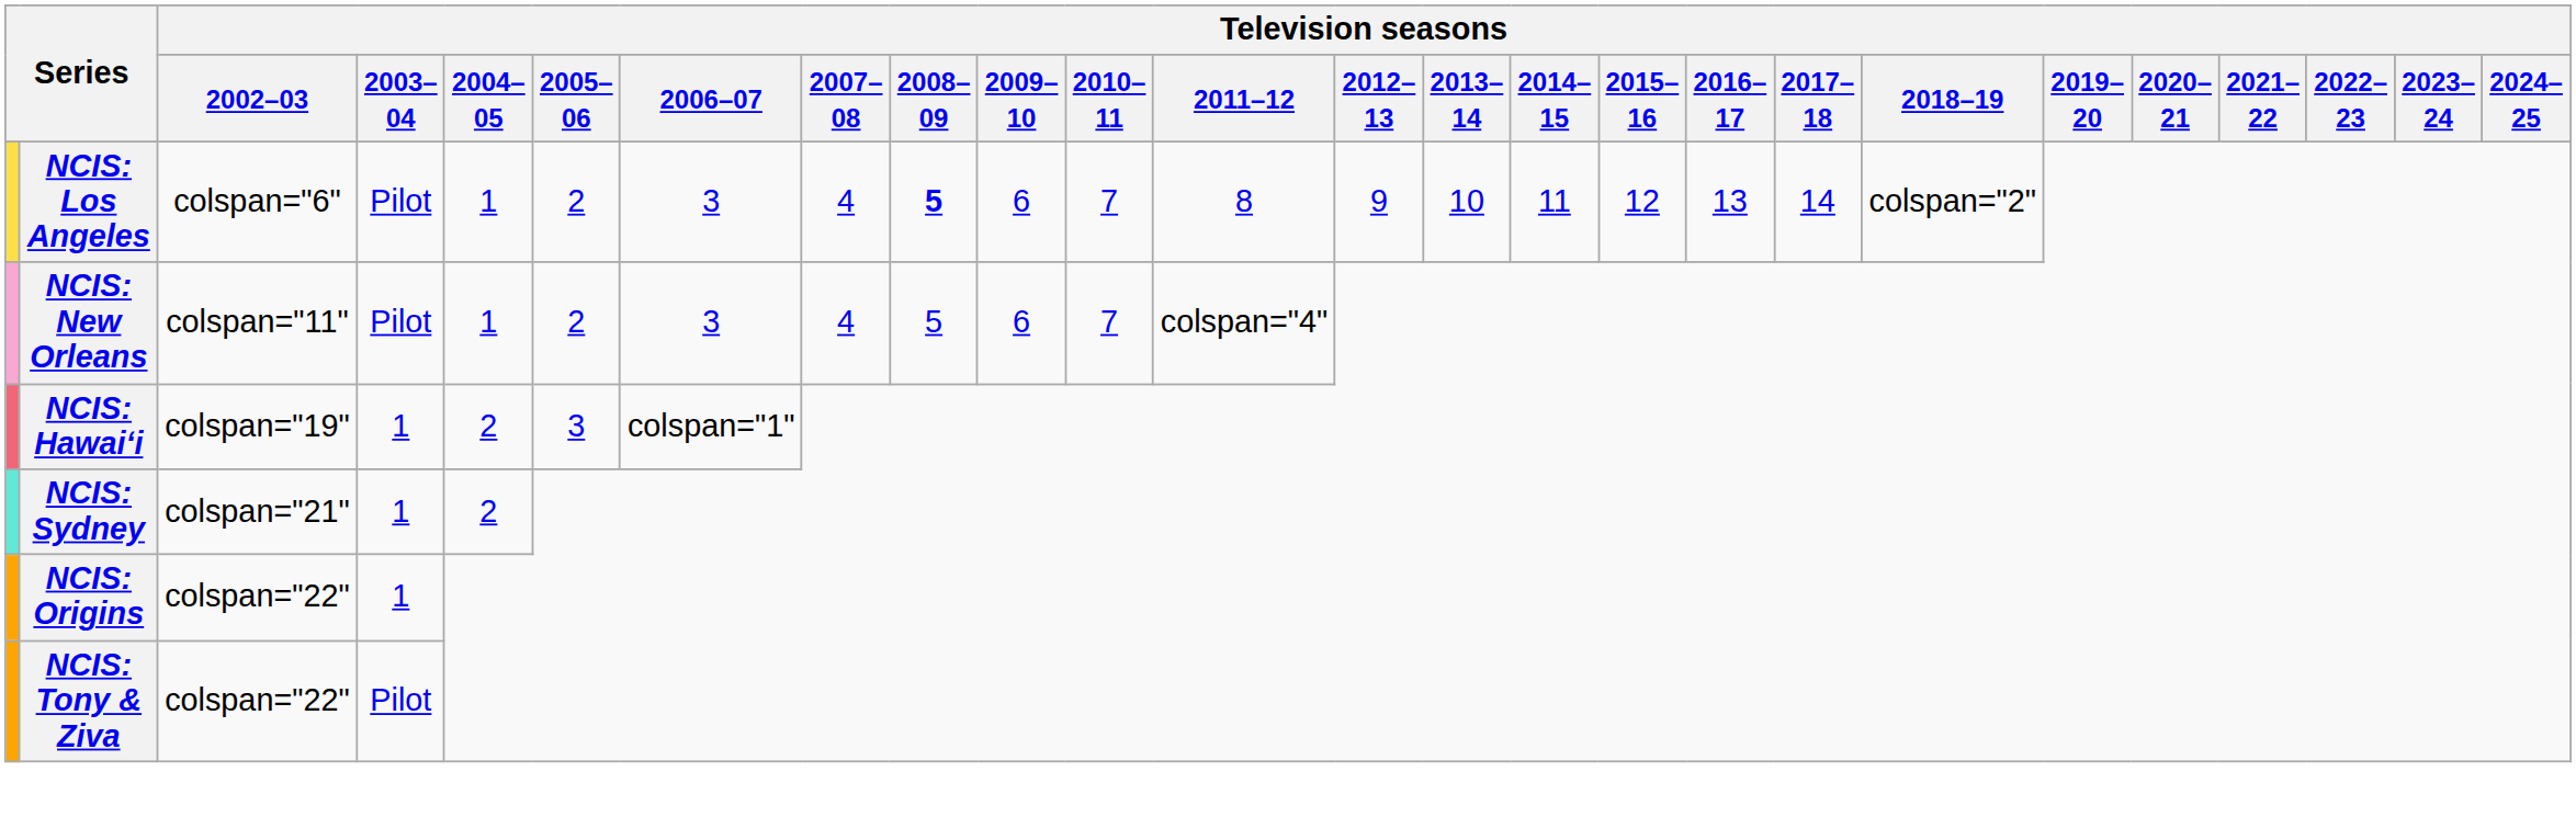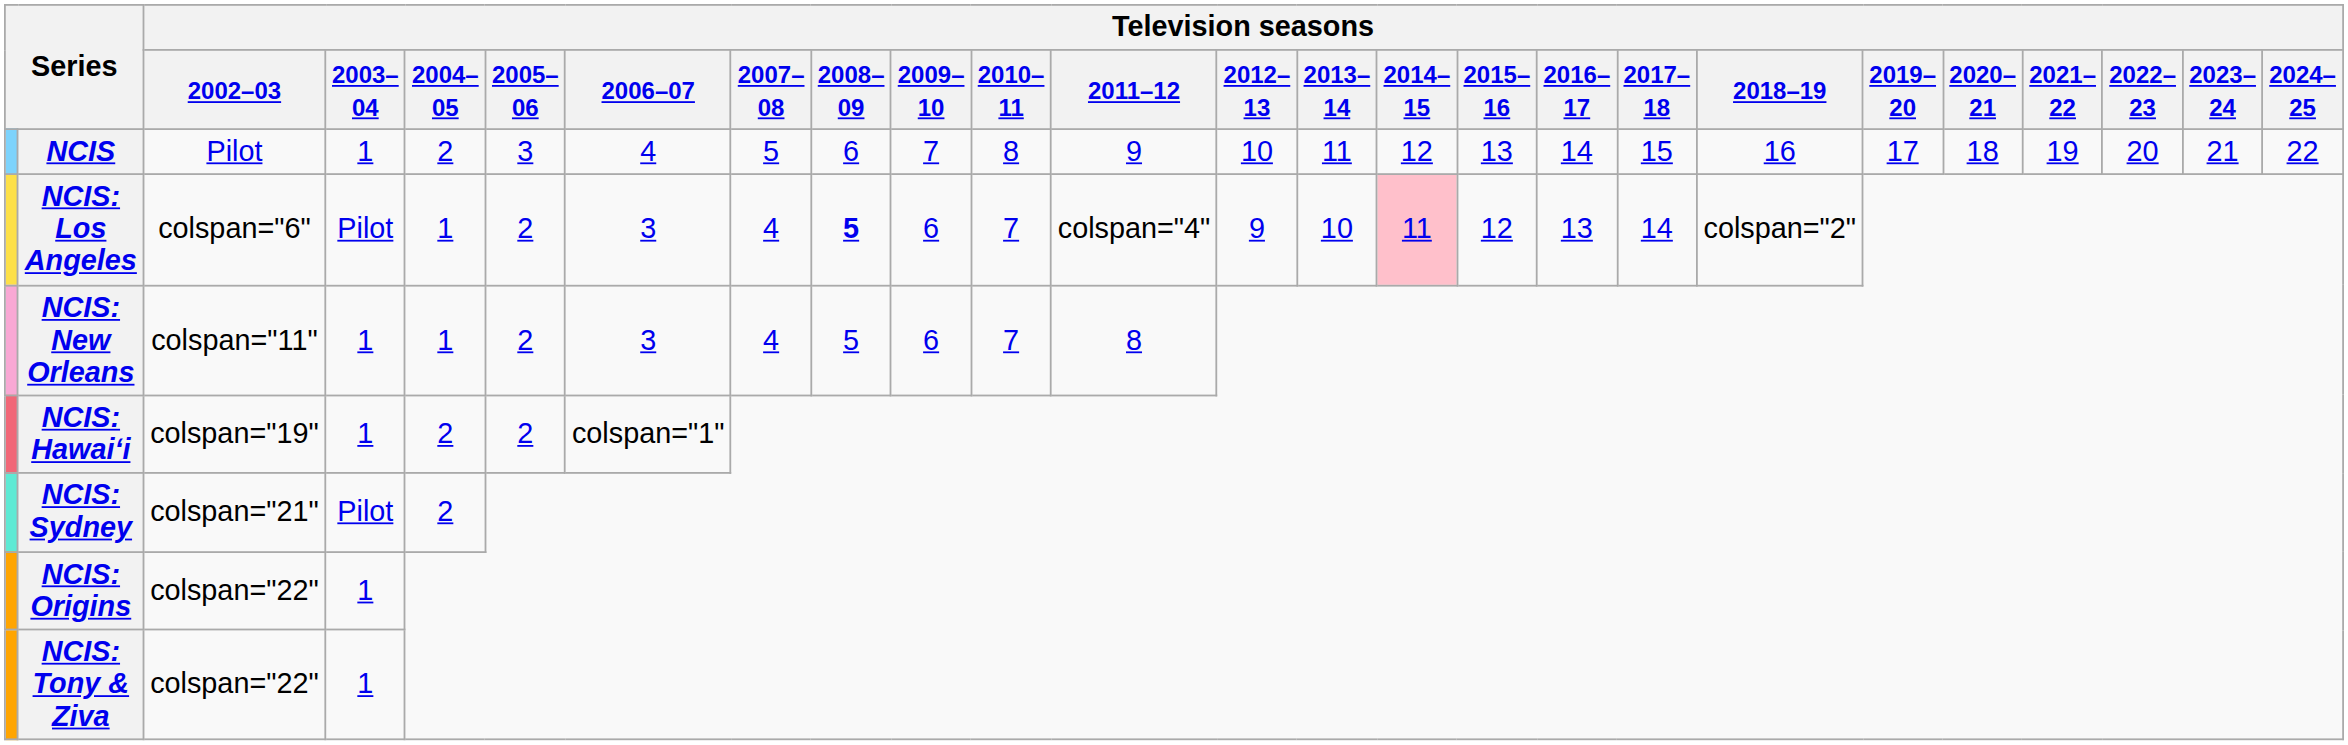 <table class="wikitable mw-datatable" style="text-align:center;">
 <tr>
 <th scope="col" colspan="2" rowspan="2" style="width:10%;">Series</th>
 <th scope="col" colspan="23">Television seasons</th>
 </tr>
 <tr>
 <th scope="col" style="width:2.3%;"><small><a href='#'>2002–03</a></small></th>
 <th scope="col" style="width:2.3%;"><small><a href='#'>2003–04</a></small></th>
 <th scope="col" style="width:2.3%;"><small><a href='#'>2004–05</a></small></th>
 <th scope="col" style="width:2.3%;"><small><a href='#'>2005–06</a></small></th>
 <th scope="col" style="width:2.3%;"><small><a href='#'>2006–07</a></small></th>
 <th scope="col" style="width:2.3%;"><small><a href='#'>2007–08</a></small></th>
 <th scope="col" style="width:2.3%;"><small><a href='#'>2008–09</a></small></th>
 <th scope="col" style="width:2.3%;"><small><a href='#'>2009–10</a></small></th>
 <th scope="col" style="width:2.3%;"><small><a href='#'>2010–11</a></small></th>
 <th scope="col" style="width:2.3%;"><small><a href='#'>2011–12</a></small></th>
 <th scope="col" style="width:2.3%;"><small><a href='#'>2012–13</a></small></th>
 <th scope="col" style="width:2.3%;"><small><a href='#'>2013–14</a></small></th>
 <th scope="col" style="width:2.3%;"><small><a href='#'>2014–15</a></small></th>
 <th scope="col" style="width:2.3%;"><small><a href='#'>2015–16</a></small></th>
 <th scope="col" style="width:2.3%;"><small><a href='#'>2016–17</a></small></th>
 <th scope="col" style="width:2.3%;"><small><a href='#'>2017–18</a></small></th>
 <th scope="col" style="width:2.3%;"><small><a href='#'>2018–19</a></small></th>
 <th scope="col" style="width:2.3%;"><small><a href='#'>2019–20</a></small></th>
 <th scope="col" style="width:2.3%;"><small><a href='#'>2020–21</a></small></th>
 <th scope="col" style="width:2.3%;"><small><a href='#'>2021–22</a></small></th>
 <th scope="col" style="width:2.3%;"><small><a href='#'>2022–23</a></small></th>
 <th scope="col" style="width:2.3%;"><small><a href='#'>2023–24</a></small></th>
 <th scope="col" style="width:2.3%;"><small><a href='#'>2024–25</a></small></th>
 </tr>
 <tr>
+<td scope="row" style="background:#7dd3fc;"></td>
+<th><em><a href='#'>NCIS</a></em></th>
+<td><a href='#'>Pilot</a></td>
+<td><a href='#'>1</a></td>
+<td><a href='#'>2</a></td>
+<td><a href='#'>3</a></td>
+<td><a href='#'>4</a></td>
+<td><a href='#'>5</a></td>
+<td><a href='#'>6</a></td>
+<td><a href='#'>7</a></td>
+<td><a href='#'>8</a></td>
+<td><a href='#'>9</a></td>
+<td><a href='#'>10</a></td>
+<td><a href='#'>11</a></td>
+<td><a href='#'>12</a></td>
+<td><a href='#'>13</a></td>
+<td><a href='#'>14</a></td>
+<td><a href='#'>15</a></td>
+<td><a href='#'>16</a></td>
+<td><a href='#'>17</a></td>
+<td><a href='#'>18</a></td>
+<td><a href='#'>19</a></td>
+<td><a href='#'>20</a></td>
+<td><a href='#'>21</a></td>
+<td><a href='#'>22</a></td>
+</tr>
+<tr>
 <td scope="row" style="background:#fde047;"></td>
 <th><em><a href='#'>NCIS: Los Angeles</a></em></th>
 <td>colspan="6" </td>
 <td><a href='#'>Pilot</a></td>
 <td><a href='#'>1</a></td>
 <td><a href='#'>2</a></td>
 <td><a href='#'>3</a></td>
 <td><a href='#'>4</a></td>
 <td><strong><a href='#'>5</a></strong></td>
 <td><a href='#'>6</a></td>
 <td><a href='#'>7</a></td>
-<td><a href='#'>8</a></td>
+<td>colspan="4" </td>
 <td><a href='#'>9</a></td>
 <td><a href='#'>10</a></td>
-<td><a href='#'>11</a></td>
+<td style="background: pink;"><a href='#'>11</a></td>
 <td><a href='#'>12</a></td>
 <td><a href='#'>13</a></td>
 <td><a href='#'>14</a></td>
 <td>colspan="2" </td>
 </tr>
 <tr>
 <td scope="row" style="background:#f9a8d4;"></td>
 <th><em><a href='#'>NCIS: New Orleans</a></em></th>
 <td>colspan="11" </td>
-<td><a href='#'>Pilot</a></td>
+<td><a href='#'>1</a></td>
 <td><a href='#'>1</a></td>
 <td><a href='#'>2</a></td>
 <td><a href='#'>3</a></td>
 <td><a href='#'>4</a></td>
 <td><a href='#'>5</a></td>
 <td><a href='#'>6</a></td>
 <td><a href='#'>7</a></td>
-<td>colspan="4" </td>
+<td><a href='#'>8</a></td>
 </tr>
 <tr>
 <td scope="row" style="background:#f16777;"></td>
 <th><em><a href='#'>NCIS: Hawaiʻi</a></em></th>
 <td>colspan="19" </td>
 <td><a href='#'>1</a></td>
 <td><a href='#'>2</a></td>
-<td><a href='#'>3</a></td>
+<td><a href='#'>2</a></td>
 <td>colspan="1" </td>
 </tr>
 <tr>
 <td scope="row" style="background:#5eead4;"></td>
 <th><em><a href='#'>NCIS: Sydney</a></em></th>
 <td>colspan="21" </td>
-<td><a href='#'>1</a></td>
+<td><a href='#'>Pilot</a></td>
 <td><a href='#'>2</a></td>
 </tr>
 <tr>
 <td scope="row" style="background:#ffa500;"></td>
 <th><em><a href='#'>NCIS: Origins</a></em></th>
 <td>colspan="22" </td>
 <td><a href='#'>1</a></td>
 </tr>
 <tr>
 <td scope="row" style="background:#ffa500;"></td>
 <th><em><a href='#'>NCIS: Tony & Ziva</a></em></th>
 <td>colspan="22" </td>
-<td><a href='#'>Pilot</a></td>
+<td><a href='#'>1</a></td>
 </tr>
 </table>
